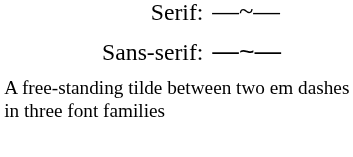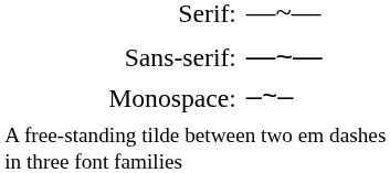 <table align=right cellpadding="2px" border=0 style="margin-left:2em">
 <tr>
 <td align=right>Serif:</td>
 <td style="font-size:large; font-family:serif">—~—</td>
 </tr>
 <tr>
 <td align=right>Sans-serif:</td>
 <td style="font-size:large; font-family:sans-serif">—~—</td>
 </tr>
 <tr>
+<td align=right>Monospace:</td>
+<td style="font-size:large; font-family:monospace">—~—</td>
+</tr>
+<tr>
 <td colspan=2 style="font-size:small">A free-standing tilde between two em dashes<br>in three font families</td>
 </tr>
 </table>
